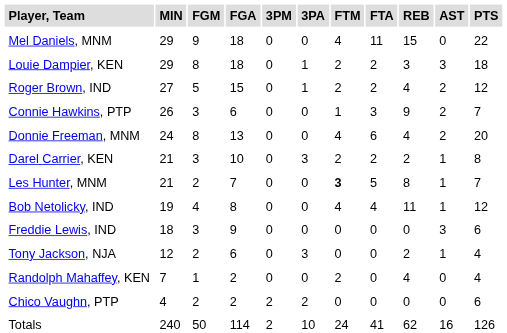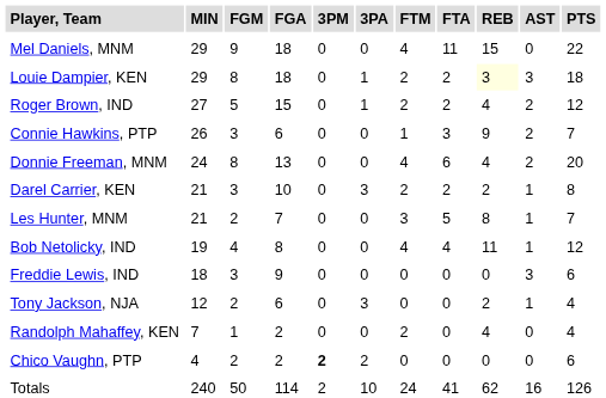 <table cellpadding=5>
 <tr bgcolor="#dddddd">
 <td><strong>Player, Team</strong></td>
 <td><strong>MIN</strong></td>
 <td><strong>FGM</strong></td>
 <td><strong>FGA</strong></td>
 <td><strong>3PM</strong></td>
 <td><strong>3PA</strong></td>
 <td><strong>FTM</strong></td>
 <td><strong>FTA</strong></td>
 <td><strong>REB</strong></td>
 <td><strong>AST</strong></td>
 <td><strong>PTS</strong></td>
 </tr>
 <tr bgcolor="#eeeeee">
 </tr>
 <tr>
 <td><a href='#'>Mel Daniels</a>, MNM</td>
 <td>29</td>
 <td>9</td>
 <td>18</td>
 <td>0</td>
 <td>0</td>
 <td>4</td>
 <td>11</td>
 <td>15</td>
 <td>0</td>
 <td>22</td>
 </tr>
 <tr>
 <td><a href='#'>Louie Dampier</a>, KEN</td>
 <td>29</td>
 <td>8</td>
 <td>18</td>
 <td>0</td>
 <td>1</td>
 <td>2</td>
 <td>2</td>
-<td>3</td>
+<td style="background: lightyellow;">3</td>
 <td>3</td>
 <td>18</td>
 </tr>
 <tr>
 <td><a href='#'>Roger Brown</a>, IND</td>
 <td>27</td>
 <td>5</td>
 <td>15</td>
 <td>0</td>
 <td>1</td>
 <td>2</td>
 <td>2</td>
 <td>4</td>
 <td>2</td>
 <td>12</td>
 </tr>
 <tr>
 <td><a href='#'>Connie Hawkins</a>, PTP</td>
 <td>26</td>
 <td>3</td>
 <td>6</td>
 <td>0</td>
 <td>0</td>
 <td>1</td>
 <td>3</td>
 <td>9</td>
 <td>2</td>
 <td>7</td>
 </tr>
 <tr>
 <td><a href='#'>Donnie Freeman</a>, MNM</td>
 <td>24</td>
 <td>8</td>
 <td>13</td>
 <td>0</td>
 <td>0</td>
 <td>4</td>
 <td>6</td>
 <td>4</td>
 <td>2</td>
 <td>20</td>
 </tr>
 <tr>
 <td><a href='#'>Darel Carrier</a>, KEN</td>
 <td>21</td>
 <td>3</td>
 <td>10</td>
 <td>0</td>
 <td>3</td>
 <td>2</td>
 <td>2</td>
 <td>2</td>
 <td>1</td>
 <td>8</td>
 </tr>
 <tr>
 <td><a href='#'>Les Hunter</a>, MNM</td>
 <td>21</td>
 <td>2</td>
 <td>7</td>
 <td>0</td>
 <td>0</td>
-<td><strong>3</strong></td>
+<td>3</td>
 <td>5</td>
 <td>8</td>
 <td>1</td>
 <td>7</td>
 </tr>
 <tr>
 <td><a href='#'>Bob Netolicky</a>, IND</td>
 <td>19</td>
 <td>4</td>
 <td>8</td>
 <td>0</td>
 <td>0</td>
 <td>4</td>
 <td>4</td>
 <td>11</td>
 <td>1</td>
 <td>12</td>
 </tr>
 <tr>
 <td><a href='#'>Freddie Lewis</a>, IND</td>
 <td>18</td>
 <td>3</td>
 <td>9</td>
 <td>0</td>
 <td>0</td>
 <td>0</td>
 <td>0</td>
 <td>0</td>
 <td>3</td>
 <td>6</td>
 </tr>
 <tr>
 <td><a href='#'>Tony Jackson</a>, NJA</td>
 <td>12</td>
 <td>2</td>
 <td>6</td>
 <td>0</td>
 <td>3</td>
 <td>0</td>
 <td>0</td>
 <td>2</td>
 <td>1</td>
 <td>4</td>
 </tr>
 <tr>
 <td><a href='#'>Randolph Mahaffey</a>, KEN</td>
 <td>7</td>
 <td>1</td>
 <td>2</td>
 <td>0</td>
 <td>0</td>
 <td>2</td>
 <td>0</td>
 <td>4</td>
 <td>0</td>
 <td>4</td>
 </tr>
 <tr>
 <td><a href='#'>Chico Vaughn</a>, PTP</td>
 <td>4</td>
 <td>2</td>
 <td>2</td>
-<td>2</td>
+<td><strong>2</strong></td>
 <td>2</td>
 <td>0</td>
 <td>0</td>
 <td>0</td>
 <td>0</td>
 <td>6</td>
 </tr>
 <tr>
 <td>Totals</td>
 <td>240</td>
 <td>50</td>
 <td>114</td>
 <td>2</td>
 <td>10</td>
 <td>24</td>
 <td>41</td>
 <td>62</td>
 <td>16</td>
 <td>126</td>
 </tr>
 <tr>
 </tr>
 </table>
